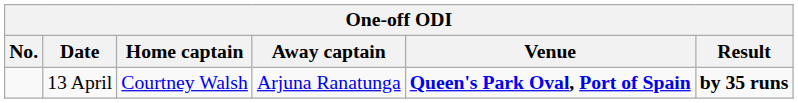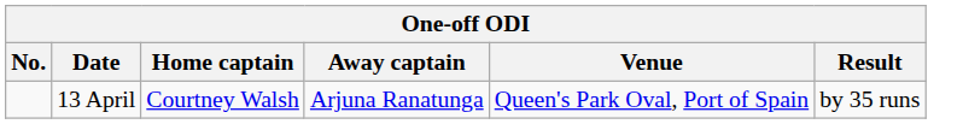 <table class="wikitable">
 <tr>
 <th colspan="9">One-off ODI</th>
 </tr>
 <tr>
 <th>No.</th>
 <th>Date</th>
 <th>Home captain</th>
 <th>Away captain</th>
 <th>Venue</th>
 <th>Result</th>
 </tr>
 <tr>
 <td></td>
 <td>13 April</td>
 <td><a href='#'>Courtney Walsh</a></td>
 <td><a href='#'>Arjuna Ranatunga</a></td>
-<td><strong><a href='#'>Queen's Park Oval</a>, <a href='#'>Port of Spain</a></strong></td>
-<td><strong> by 35 runs</strong></td>
+<td><a href='#'>Queen's Park Oval</a>, <a href='#'>Port of Spain</a></td>
+<td> by 35 runs</td>
 </tr>
 </table>
